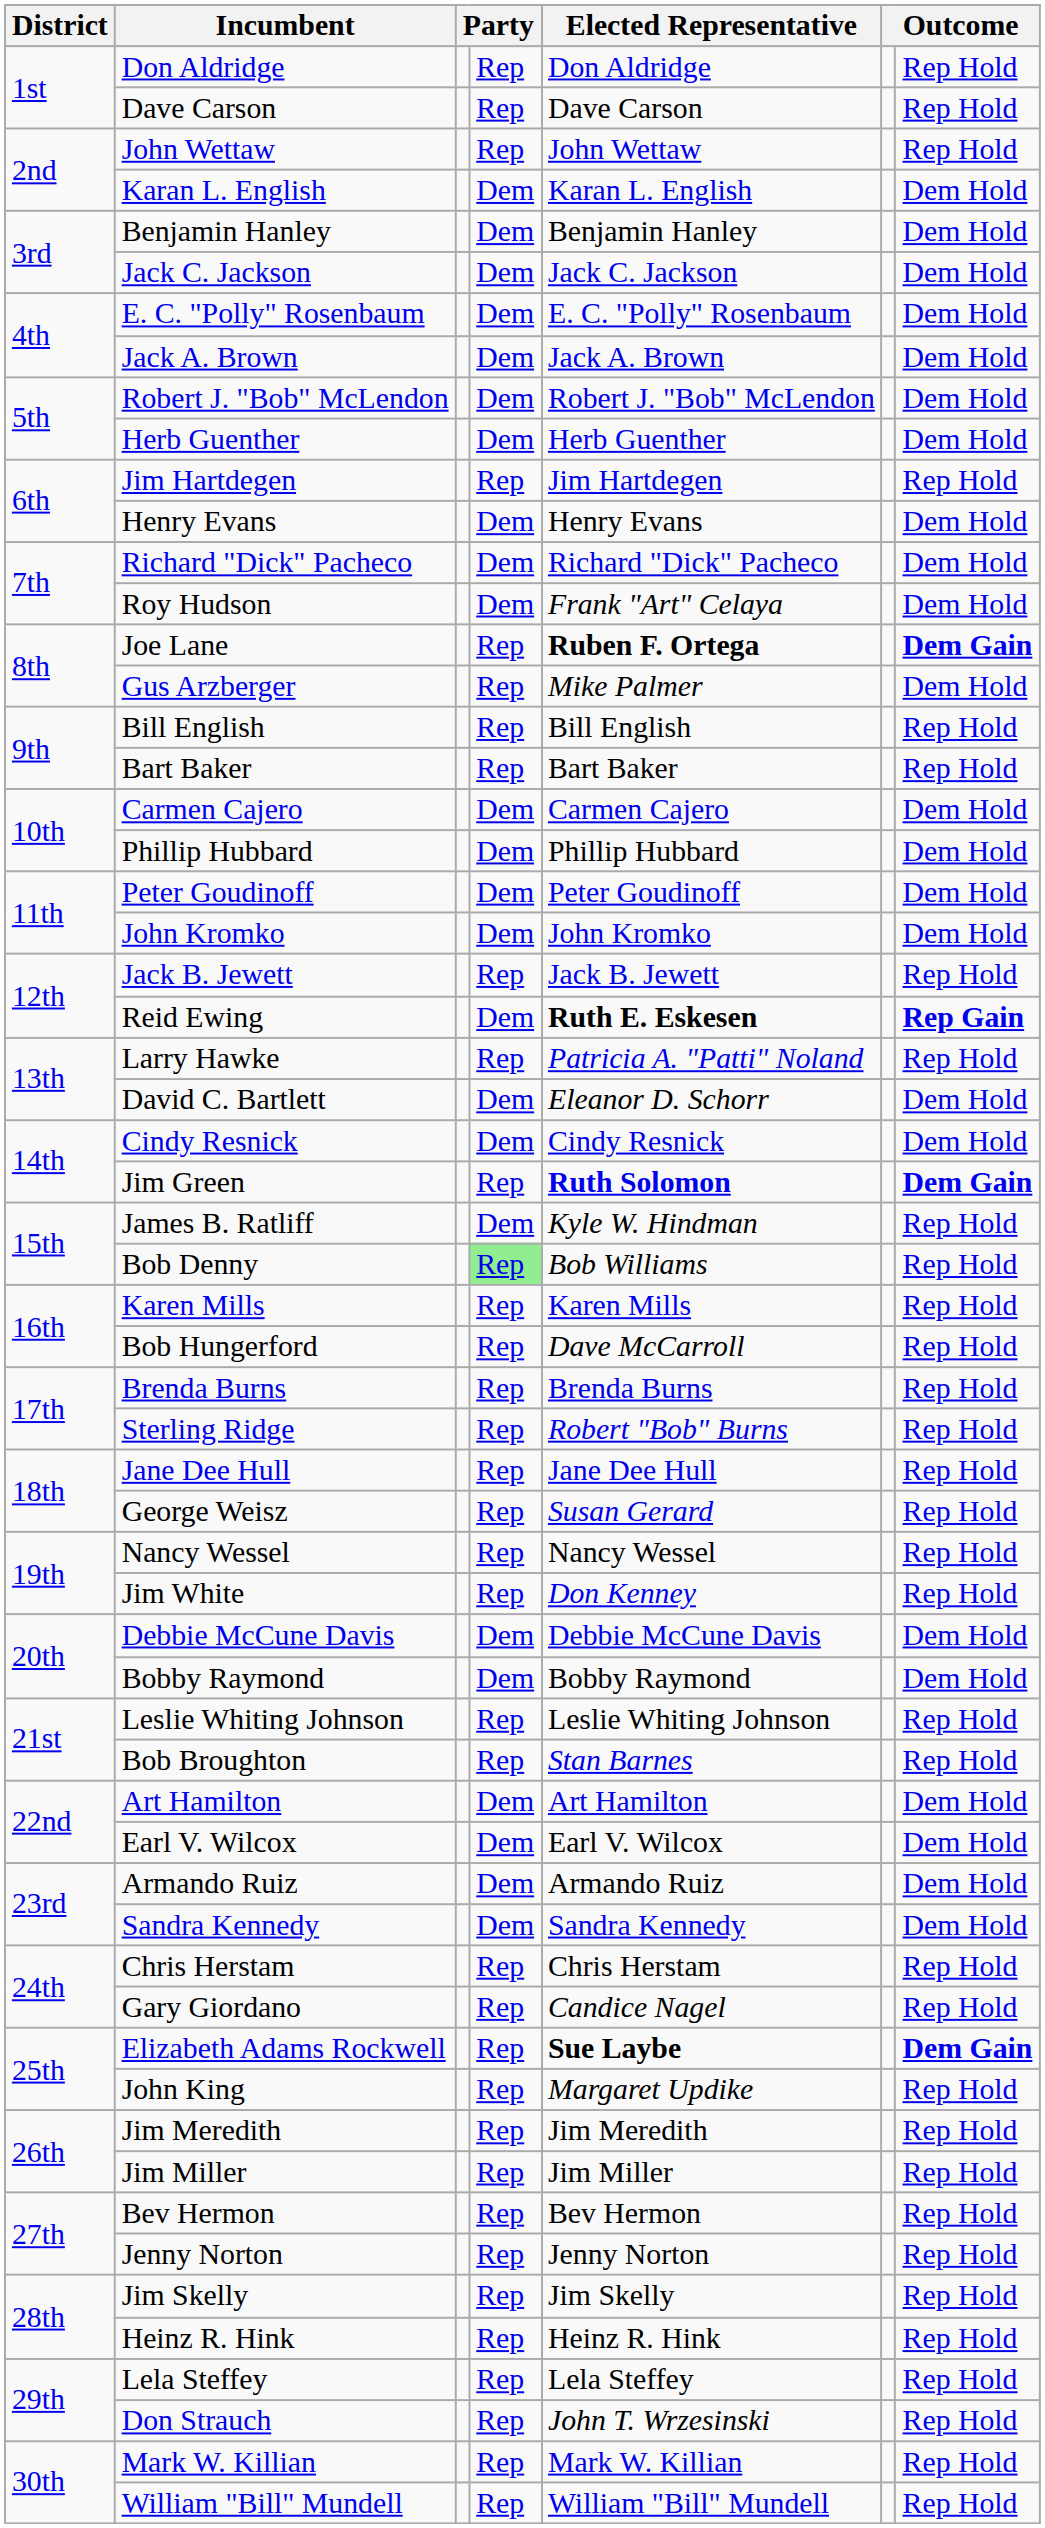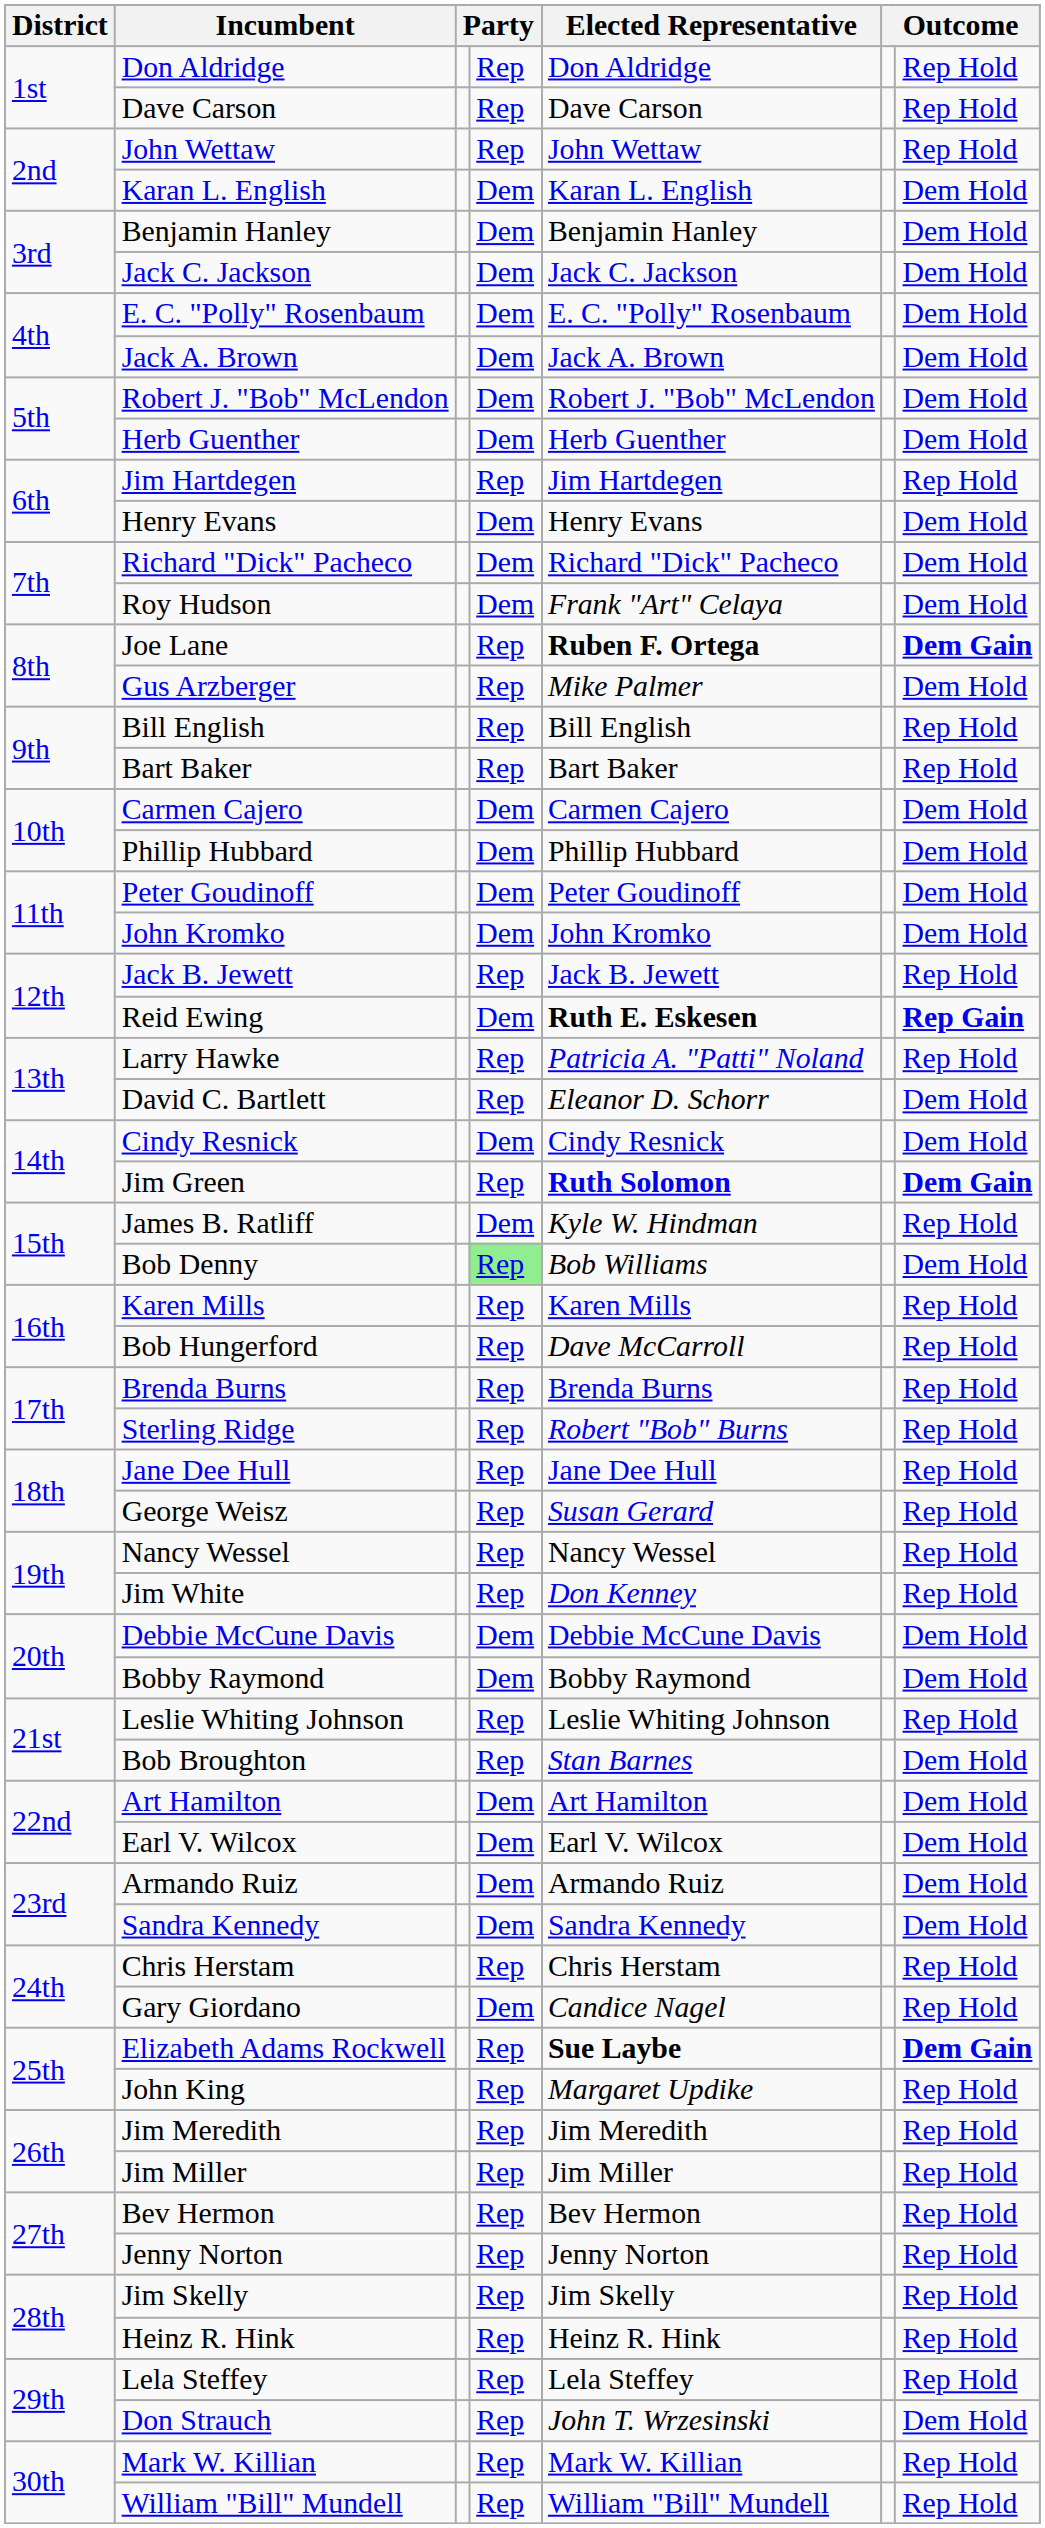 <table class="sortable wikitable" style="font-size:95%;line-height:14px;">
 <tr>
 <th>District</th>
 <th>Incumbent</th>
 <th colspan="2">Party</th>
 <th>Elected Representative</th>
 <th colspan="2">Outcome</th>
 </tr>
 <tr>
 <td rowspan="2"><a href='#'>1st</a></td>
 <td><a href='#'>Don Aldridge</a></td>
 <td style="background:"></td>
 <td><a href='#'>Rep</a></td>
 <td><a href='#'>Don Aldridge</a></td>
 <td style="background:"></td>
 <td><a href='#'>Rep Hold</a></td>
 </tr>
 <tr>
 <td>Dave Carson</td>
 <td style="background:"></td>
 <td><a href='#'>Rep</a></td>
 <td>Dave Carson</td>
 <td style="background:"></td>
 <td><a href='#'>Rep Hold</a></td>
 </tr>
 <tr>
 <td rowspan="2"><a href='#'>2nd</a></td>
 <td><a href='#'>John Wettaw</a></td>
 <td style="background:"></td>
 <td><a href='#'>Rep</a></td>
 <td><a href='#'>John Wettaw</a></td>
 <td style="background:"></td>
 <td><a href='#'>Rep Hold</a></td>
 </tr>
 <tr>
 <td><a href='#'>Karan L. English</a></td>
 <td style="background:"></td>
 <td><a href='#'>Dem</a></td>
 <td><a href='#'>Karan L. English</a></td>
 <td style="background:"></td>
 <td><a href='#'>Dem Hold</a></td>
 </tr>
 <tr>
 <td rowspan="2"><a href='#'>3rd</a></td>
 <td>Benjamin Hanley</td>
 <td style="background:"></td>
 <td><a href='#'>Dem</a></td>
 <td>Benjamin Hanley</td>
 <td style="background:"></td>
 <td><a href='#'>Dem Hold</a></td>
 </tr>
 <tr>
 <td><a href='#'>Jack C. Jackson</a></td>
 <td style="background:"></td>
 <td><a href='#'>Dem</a></td>
 <td><a href='#'>Jack C. Jackson</a></td>
 <td style="background:"></td>
 <td><a href='#'>Dem Hold</a></td>
 </tr>
 <tr>
 <td rowspan="2"><a href='#'>4th</a></td>
 <td><a href='#'>E. C. "Polly" Rosenbaum</a></td>
 <td style="background:"></td>
 <td><a href='#'>Dem</a></td>
 <td><a href='#'>E. C. "Polly" Rosenbaum</a></td>
 <td style="background:"></td>
 <td><a href='#'>Dem Hold</a></td>
 </tr>
 <tr>
 <td><a href='#'>Jack A. Brown</a></td>
 <td style="background:"></td>
 <td><a href='#'>Dem</a></td>
 <td><a href='#'>Jack A. Brown</a></td>
 <td style="background:"></td>
 <td><a href='#'>Dem Hold</a></td>
 </tr>
 <tr>
 <td rowspan="2"><a href='#'>5th</a></td>
 <td><a href='#'>Robert J. "Bob" McLendon</a></td>
 <td style="background:"></td>
 <td><a href='#'>Dem</a></td>
 <td><a href='#'>Robert J. "Bob" McLendon</a></td>
 <td style="background:"></td>
 <td><a href='#'>Dem Hold</a></td>
 </tr>
 <tr>
 <td><a href='#'>Herb Guenther</a></td>
 <td style="background:"></td>
 <td><a href='#'>Dem</a></td>
 <td><a href='#'>Herb Guenther</a></td>
 <td style="background:"></td>
 <td><a href='#'>Dem Hold</a></td>
 </tr>
 <tr>
 <td rowspan="2"><a href='#'>6th</a></td>
 <td><a href='#'>Jim Hartdegen</a></td>
 <td style="background:"></td>
 <td><a href='#'>Rep</a></td>
 <td><a href='#'>Jim Hartdegen</a></td>
 <td style="background:"></td>
 <td><a href='#'>Rep Hold</a></td>
 </tr>
 <tr>
 <td>Henry Evans</td>
 <td style="background:"></td>
 <td><a href='#'>Dem</a></td>
 <td>Henry Evans</td>
 <td style="background:"></td>
 <td><a href='#'>Dem Hold</a></td>
 </tr>
 <tr>
 <td rowspan="2"><a href='#'>7th</a></td>
 <td><a href='#'>Richard "Dick" Pacheco</a></td>
 <td style="background:"></td>
 <td><a href='#'>Dem</a></td>
 <td><a href='#'>Richard "Dick" Pacheco</a></td>
 <td style="background:"></td>
 <td><a href='#'>Dem Hold</a></td>
 </tr>
 <tr>
 <td>Roy Hudson</td>
 <td style="background:"></td>
 <td><a href='#'>Dem</a></td>
 <td><em>Frank "Art" Celaya</em></td>
 <td style="background:"></td>
 <td><a href='#'>Dem Hold</a></td>
 </tr>
 <tr>
 <td rowspan="2"><a href='#'>8th</a></td>
 <td>Joe Lane</td>
 <td style="background:"></td>
 <td><a href='#'>Rep</a></td>
 <td><strong>Ruben F. Ortega</strong></td>
 <td style="background:"></td>
 <td><strong><a href='#'>Dem Gain</a></strong></td>
 </tr>
 <tr>
 <td><a href='#'>Gus Arzberger</a></td>
 <td style="background:"></td>
 <td><a href='#'>Rep</a></td>
 <td><em>Mike Palmer</em></td>
 <td style="background:"></td>
 <td><a href='#'>Dem Hold</a></td>
 </tr>
 <tr>
 <td rowspan="2"><a href='#'>9th</a></td>
 <td>Bill English</td>
 <td style="background:"></td>
 <td><a href='#'>Rep</a></td>
 <td>Bill English</td>
 <td style="background:"></td>
 <td><a href='#'>Rep Hold</a></td>
 </tr>
 <tr>
 <td>Bart Baker</td>
 <td style="background:"></td>
 <td><a href='#'>Rep</a></td>
 <td>Bart Baker</td>
 <td style="background:"></td>
 <td><a href='#'>Rep Hold</a></td>
 </tr>
 <tr>
 <td rowspan="2"><a href='#'>10th</a></td>
 <td><a href='#'>Carmen Cajero</a></td>
 <td style="background:"></td>
 <td><a href='#'>Dem</a></td>
 <td><a href='#'>Carmen Cajero</a></td>
 <td style="background:"></td>
 <td><a href='#'>Dem Hold</a></td>
 </tr>
 <tr>
 <td>Phillip Hubbard</td>
 <td style="background:"></td>
 <td><a href='#'>Dem</a></td>
 <td>Phillip Hubbard</td>
 <td style="background:"></td>
 <td><a href='#'>Dem Hold</a></td>
 </tr>
 <tr>
 <td rowspan="2"><a href='#'>11th</a></td>
 <td><a href='#'>Peter Goudinoff</a></td>
 <td style="background:"></td>
 <td><a href='#'>Dem</a></td>
 <td><a href='#'>Peter Goudinoff</a></td>
 <td style="background:"></td>
 <td><a href='#'>Dem Hold</a></td>
 </tr>
 <tr>
 <td><a href='#'>John Kromko</a></td>
 <td style="background:"></td>
 <td><a href='#'>Dem</a></td>
 <td><a href='#'>John Kromko</a></td>
 <td style="background:"></td>
 <td><a href='#'>Dem Hold</a></td>
 </tr>
 <tr>
 <td rowspan="2"><a href='#'>12th</a></td>
 <td><a href='#'>Jack B. Jewett</a></td>
 <td style="background:"></td>
 <td><a href='#'>Rep</a></td>
 <td><a href='#'>Jack B. Jewett</a></td>
 <td style="background:"></td>
 <td><a href='#'>Rep Hold</a></td>
 </tr>
 <tr>
 <td>Reid Ewing</td>
 <td style="background:"></td>
 <td><a href='#'>Dem</a></td>
 <td><strong>Ruth E. Eskesen</strong></td>
 <td style="background:"></td>
 <td><strong><a href='#'>Rep Gain</a></strong></td>
 </tr>
 <tr>
 <td rowspan="2"><a href='#'>13th</a></td>
 <td>Larry Hawke</td>
 <td style="background:"></td>
 <td><a href='#'>Rep</a></td>
 <td><em><a href='#'>Patricia A. "Patti" Noland</a></em></td>
 <td style="background:"></td>
 <td><a href='#'>Rep Hold</a></td>
 </tr>
 <tr>
 <td>David C. Bartlett</td>
 <td style="background:"></td>
-<td><a href='#'>Dem</a></td>
+<td><a href='#'>Rep</a></td>
 <td><em>Eleanor D. Schorr</em></td>
 <td style="background:"></td>
 <td><a href='#'>Dem Hold</a></td>
 </tr>
 <tr>
 <td rowspan="2"><a href='#'>14th</a></td>
 <td><a href='#'>Cindy Resnick</a></td>
 <td style="background:"></td>
 <td><a href='#'>Dem</a></td>
 <td><a href='#'>Cindy Resnick</a></td>
 <td style="background:"></td>
 <td><a href='#'>Dem Hold</a></td>
 </tr>
 <tr>
 <td>Jim Green</td>
 <td style="background:"></td>
 <td><a href='#'>Rep</a></td>
 <td><strong><a href='#'>Ruth Solomon</a></strong></td>
 <td style="background:"></td>
 <td><strong><a href='#'>Dem Gain</a></strong></td>
 </tr>
 <tr>
 <td rowspan="2"><a href='#'>15th</a></td>
 <td>James B. Ratliff</td>
 <td style="background:"></td>
 <td><a href='#'>Dem</a></td>
 <td><em>Kyle W. Hindman</em></td>
 <td style="background:"></td>
 <td><a href='#'>Rep Hold</a></td>
 </tr>
 <tr>
 <td>Bob Denny</td>
 <td style="background:"></td>
 <td style="background: lightgreen;"><a href='#'>Rep</a></td>
 <td><em>Bob Williams</em></td>
 <td style="background:"></td>
-<td><a href='#'>Rep Hold</a></td>
+<td><a href='#'>Dem Hold</a></td>
 </tr>
 <tr>
 <td rowspan="2"><a href='#'>16th</a></td>
 <td><a href='#'>Karen Mills</a></td>
 <td style="background:"></td>
 <td><a href='#'>Rep</a></td>
 <td><a href='#'>Karen Mills</a></td>
 <td style="background:"></td>
 <td><a href='#'>Rep Hold</a></td>
 </tr>
 <tr>
 <td>Bob Hungerford</td>
 <td style="background:"></td>
 <td><a href='#'>Rep</a></td>
 <td><em>Dave McCarroll</em></td>
 <td style="background:"></td>
 <td><a href='#'>Rep Hold</a></td>
 </tr>
 <tr>
 <td rowspan="2"><a href='#'>17th</a></td>
 <td><a href='#'>Brenda Burns</a></td>
 <td style="background:"></td>
 <td><a href='#'>Rep</a></td>
 <td><a href='#'>Brenda Burns</a></td>
 <td style="background:"></td>
 <td><a href='#'>Rep Hold</a></td>
 </tr>
 <tr>
 <td><a href='#'>Sterling Ridge</a></td>
 <td style="background:"></td>
 <td><a href='#'>Rep</a></td>
 <td><em><a href='#'>Robert "Bob" Burns</a></em></td>
 <td style="background:"></td>
 <td><a href='#'>Rep Hold</a></td>
 </tr>
 <tr>
 <td rowspan="2"><a href='#'>18th</a></td>
 <td><a href='#'>Jane Dee Hull</a></td>
 <td style="background:"></td>
 <td><a href='#'>Rep</a></td>
 <td><a href='#'>Jane Dee Hull</a></td>
 <td style="background:"></td>
 <td><a href='#'>Rep Hold</a></td>
 </tr>
 <tr>
 <td>George Weisz</td>
 <td style="background:"></td>
 <td><a href='#'>Rep</a></td>
 <td><em><a href='#'>Susan Gerard</a></em></td>
 <td style="background:"></td>
 <td><a href='#'>Rep Hold</a></td>
 </tr>
 <tr>
 <td rowspan="2"><a href='#'>19th</a></td>
 <td>Nancy Wessel</td>
 <td style="background:"></td>
 <td><a href='#'>Rep</a></td>
 <td>Nancy Wessel</td>
 <td style="background:"></td>
 <td><a href='#'>Rep Hold</a></td>
 </tr>
 <tr>
 <td>Jim White</td>
 <td style="background:"></td>
 <td><a href='#'>Rep</a></td>
 <td><em><a href='#'>Don Kenney</a></em></td>
 <td style="background:"></td>
 <td><a href='#'>Rep Hold</a></td>
 </tr>
 <tr>
 <td rowspan="2"><a href='#'>20th</a></td>
 <td><a href='#'>Debbie McCune Davis</a></td>
 <td style="background:"></td>
 <td><a href='#'>Dem</a></td>
 <td><a href='#'>Debbie McCune Davis</a></td>
 <td style="background:"></td>
 <td><a href='#'>Dem Hold</a></td>
 </tr>
 <tr>
 <td>Bobby Raymond</td>
 <td style="background:"></td>
 <td><a href='#'>Dem</a></td>
 <td>Bobby Raymond</td>
 <td style="background:"></td>
 <td><a href='#'>Dem Hold</a></td>
 </tr>
 <tr>
 <td rowspan="2"><a href='#'>21st</a></td>
 <td>Leslie Whiting Johnson</td>
 <td style="background:"></td>
 <td><a href='#'>Rep</a></td>
 <td>Leslie Whiting Johnson</td>
 <td style="background:"></td>
 <td><a href='#'>Rep Hold</a></td>
 </tr>
 <tr>
 <td>Bob Broughton</td>
 <td style="background:"></td>
 <td><a href='#'>Rep</a></td>
 <td><em><a href='#'>Stan Barnes</a></em></td>
 <td style="background:"></td>
-<td><a href='#'>Rep Hold</a></td>
+<td><a href='#'>Dem Hold</a></td>
 </tr>
 <tr>
 <td rowspan="2"><a href='#'>22nd</a></td>
 <td><a href='#'>Art Hamilton</a></td>
 <td style="background:"></td>
 <td><a href='#'>Dem</a></td>
 <td><a href='#'>Art Hamilton</a></td>
 <td style="background:"></td>
 <td><a href='#'>Dem Hold</a></td>
 </tr>
 <tr>
 <td>Earl V. Wilcox</td>
 <td style="background:"></td>
 <td><a href='#'>Dem</a></td>
 <td>Earl V. Wilcox</td>
 <td style="background:"></td>
 <td><a href='#'>Dem Hold</a></td>
 </tr>
 <tr>
 <td rowspan="2"><a href='#'>23rd</a></td>
 <td>Armando Ruiz</td>
 <td style="background:"></td>
 <td><a href='#'>Dem</a></td>
 <td>Armando Ruiz</td>
 <td style="background:"></td>
 <td><a href='#'>Dem Hold</a></td>
 </tr>
 <tr>
 <td><a href='#'>Sandra Kennedy</a></td>
 <td style="background:"></td>
 <td><a href='#'>Dem</a></td>
 <td><a href='#'>Sandra Kennedy</a></td>
 <td style="background:"></td>
 <td><a href='#'>Dem Hold</a></td>
 </tr>
 <tr>
 <td rowspan="2"><a href='#'>24th</a></td>
 <td>Chris Herstam</td>
 <td style="background:"></td>
 <td><a href='#'>Rep</a></td>
 <td>Chris Herstam</td>
 <td style="background:"></td>
 <td><a href='#'>Rep Hold</a></td>
 </tr>
 <tr>
 <td>Gary Giordano</td>
 <td style="background:"></td>
-<td><a href='#'>Rep</a></td>
+<td><a href='#'>Dem</a></td>
 <td><em>Candice Nagel</em></td>
 <td style="background:"></td>
 <td><a href='#'>Rep Hold</a></td>
 </tr>
 <tr>
 <td rowspan="2"><a href='#'>25th</a></td>
 <td><a href='#'>Elizabeth Adams Rockwell</a></td>
 <td style="background:"></td>
 <td><a href='#'>Rep</a></td>
 <td><strong>Sue Laybe</strong></td>
 <td style="background:"></td>
 <td><strong><a href='#'>Dem Gain</a></strong></td>
 </tr>
 <tr>
 <td>John King</td>
 <td style="background:"></td>
 <td><a href='#'>Rep</a></td>
 <td><em>Margaret Updike</em></td>
 <td style="background:"></td>
 <td><a href='#'>Rep Hold</a></td>
 </tr>
 <tr>
 <td rowspan="2"><a href='#'>26th</a></td>
 <td>Jim Meredith</td>
 <td style="background:"></td>
 <td><a href='#'>Rep</a></td>
 <td>Jim Meredith</td>
 <td style="background:"></td>
 <td><a href='#'>Rep Hold</a></td>
 </tr>
 <tr>
 <td>Jim Miller</td>
 <td style="background:"></td>
 <td><a href='#'>Rep</a></td>
 <td>Jim Miller</td>
 <td style="background:"></td>
 <td><a href='#'>Rep Hold</a></td>
 </tr>
 <tr>
 <td rowspan="2"><a href='#'>27th</a></td>
 <td>Bev Hermon</td>
 <td style="background:"></td>
 <td><a href='#'>Rep</a></td>
 <td>Bev Hermon</td>
 <td style="background:"></td>
 <td><a href='#'>Rep Hold</a></td>
 </tr>
 <tr>
 <td>Jenny Norton</td>
 <td style="background:"></td>
 <td><a href='#'>Rep</a></td>
 <td>Jenny Norton</td>
 <td style="background:"></td>
 <td><a href='#'>Rep Hold</a></td>
 </tr>
 <tr>
 <td rowspan="2"><a href='#'>28th</a></td>
 <td>Jim Skelly</td>
 <td style="background:"></td>
 <td><a href='#'>Rep</a></td>
 <td>Jim Skelly</td>
 <td style="background:"></td>
 <td><a href='#'>Rep Hold</a></td>
 </tr>
 <tr>
 <td>Heinz R. Hink</td>
 <td style="background:"></td>
 <td><a href='#'>Rep</a></td>
 <td>Heinz R. Hink</td>
 <td style="background:"></td>
 <td><a href='#'>Rep Hold</a></td>
 </tr>
 <tr>
 <td rowspan="2"><a href='#'>29th</a></td>
 <td>Lela Steffey</td>
 <td style="background:"></td>
 <td><a href='#'>Rep</a></td>
 <td>Lela Steffey</td>
 <td style="background:"></td>
 <td><a href='#'>Rep Hold</a></td>
 </tr>
 <tr>
 <td><a href='#'>Don Strauch</a></td>
 <td style="background:"></td>
 <td><a href='#'>Rep</a></td>
 <td><em>John T. Wrzesinski</em></td>
 <td style="background:"></td>
-<td><a href='#'>Rep Hold</a></td>
+<td><a href='#'>Dem Hold</a></td>
 </tr>
 <tr>
 <td rowspan="2"><a href='#'>30th</a></td>
 <td><a href='#'>Mark W. Killian</a></td>
 <td style="background:"></td>
 <td><a href='#'>Rep</a></td>
 <td><a href='#'>Mark W. Killian</a></td>
 <td style="background:"></td>
 <td><a href='#'>Rep Hold</a></td>
 </tr>
 <tr>
 <td><a href='#'>William "Bill" Mundell</a></td>
 <td style="background:"></td>
 <td><a href='#'>Rep</a></td>
 <td><a href='#'>William "Bill" Mundell</a></td>
 <td style="background:"></td>
 <td><a href='#'>Rep Hold</a></td>
 </tr>
 <tr>
 </tr>
 </table>
